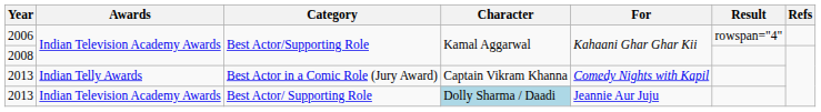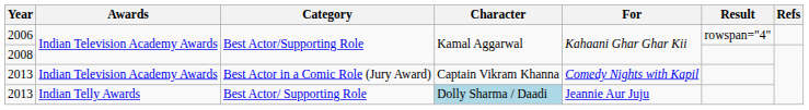 <table class="wikitable">
 <tr>
 <th>Year</th>
 <th>Awards</th>
 <th>Category</th>
 <th>Character</th>
 <th>For</th>
 <th>Result</th>
 <th>Refs</th>
 </tr>
 <tr>
 <td>2006</td>
 <td rowspan="2"><a href='#'>Indian Television Academy Awards</a></td>
 <td rowspan="2"><a href='#'>Best Actor/Supporting Role</a></td>
 <td rowspan="2">Kamal Aggarwal</td>
 <td rowspan="2"><em>Kahaani Ghar Ghar Kii</em></td>
 <td>rowspan="4" </td>
 <td></td>
 </tr>
 <tr>
 <td>2008</td>
 <td></td>
 </tr>
 <tr>
 <td>2013</td>
-<td><a href='#'>Indian Telly Awards</a></td>
+<td><a href='#'>Indian Television Academy Awards</a></td>
 <td><a href='#'>Best Actor in a Comic Role</a> (Jury Award)</td>
 <td>Captain Vikram Khanna</td>
 <td><em><a href='#'>Comedy Nights with Kapil</a></em></td>
 <td></td>
 </tr>
 <tr>
 <td>2013</td>
-<td><a href='#'>Indian Television Academy Awards</a></td>
+<td><a href='#'>Indian Telly Awards</a></td>
 <td><a href='#'>Best Actor/ Supporting Role</a></td>
 <td style="background: lightblue;">Dolly Sharma / Daadi</td>
 <td><a href='#'>Jeannie Aur Juju</a></td>
 <td></td>
 </tr>
 </table>
